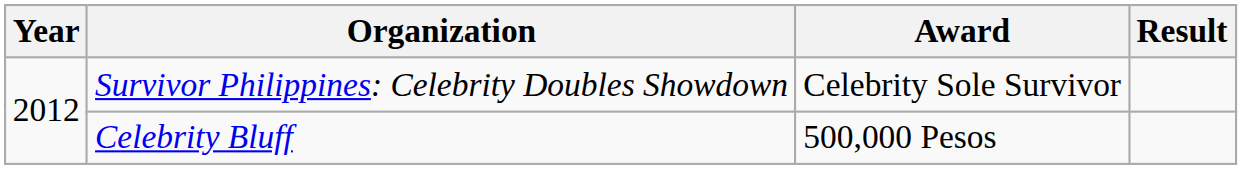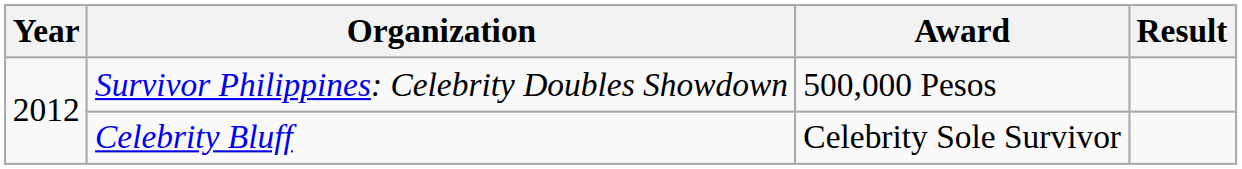 <table class="wikitable">
 <tr>
 <th>Year</th>
 <th>Organization</th>
 <th>Award</th>
 <th>Result</th>
 </tr>
 <tr>
 <td rowspan=2>2012</td>
 <td><em><a href='#'>Survivor Philippines</a>: Celebrity Doubles Showdown</em></td>
-<td>Celebrity Sole Survivor</td>
+<td>500,000 Pesos</td>
 <td></td>
 </tr>
 <tr>
 <td><em><a href='#'>Celebrity Bluff</a></em></td>
-<td>500,000 Pesos</td>
+<td>Celebrity Sole Survivor</td>
 <td></td>
 </tr>
 </table>
